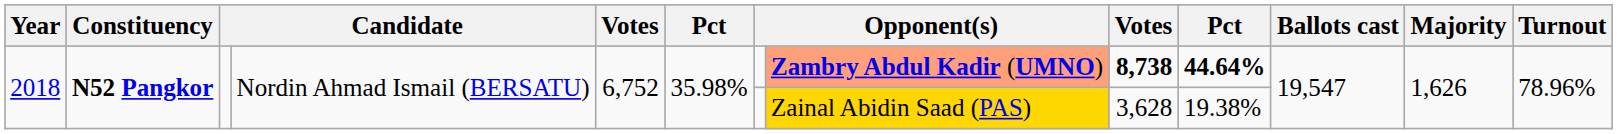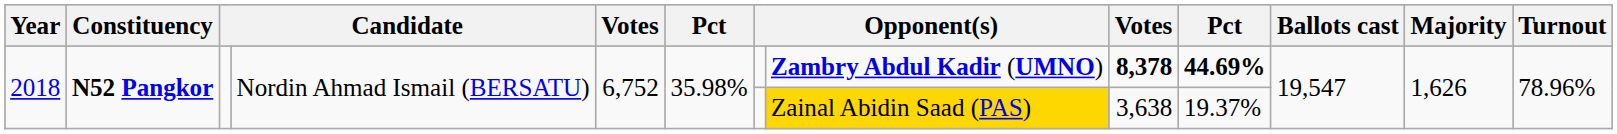 <table class="wikitable" style="margin:0.5em ; font-size:95%">
 <tr>
 <th>Year</th>
 <th>Constituency</th>
 <th colspan=2>Candidate</th>
 <th>Votes</th>
 <th>Pct</th>
 <th colspan=2>Opponent(s)</th>
 <th>Votes</th>
 <th>Pct</th>
 <th>Ballots cast</th>
 <th>Majority</th>
 <th>Turnout</th>
 </tr>
 <tr>
 <td rowspan=2><a href='#'>2018</a></td>
 <td rowspan=2><strong>N52 <a href='#'>Pangkor</a></strong></td>
 <td rowspan=2 ></td>
 <td rowspan=2>Nordin Ahmad Ismail (<a href='#'>BERSATU</a>)</td>
 <td rowspan=2 align=right>6,752</td>
 <td rowspan=2>35.98%</td>
 <td></td>
-<td style="background: lightsalmon;"><strong><a href='#'>Zambry Abdul Kadir</a></strong> (<a href='#'><strong>UMNO</strong></a>)</td>
-<td align=right><strong>8,738</strong></td>
-<td><strong>44.64%</strong></td>
+<td><strong><a href='#'>Zambry Abdul Kadir</a></strong> (<a href='#'><strong>UMNO</strong></a>)</td>
+<td align=right><strong>8,378</strong></td>
+<td><strong>44.69%</strong></td>
 <td rowspan=2>19,547</td>
 <td rowspan=2>1,626</td>
 <td rowspan=2>78.96%</td>
 </tr>
 <tr>
 <td></td>
 <td style="background: gold;">Zainal Abidin Saad (<a href='#'>PAS</a>)</td>
-<td align=right>3,628</td>
-<td>19.38%</td>
+<td align=right>3,638</td>
+<td>19.37%</td>
 </tr>
 </table>
